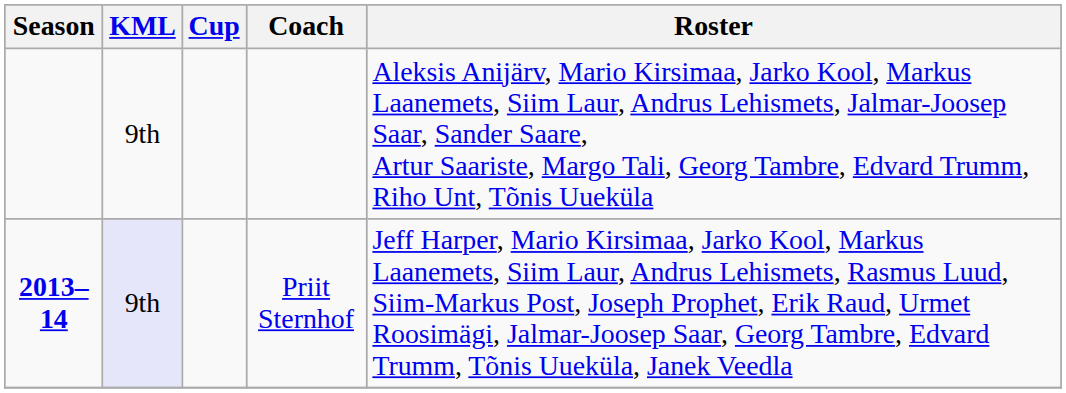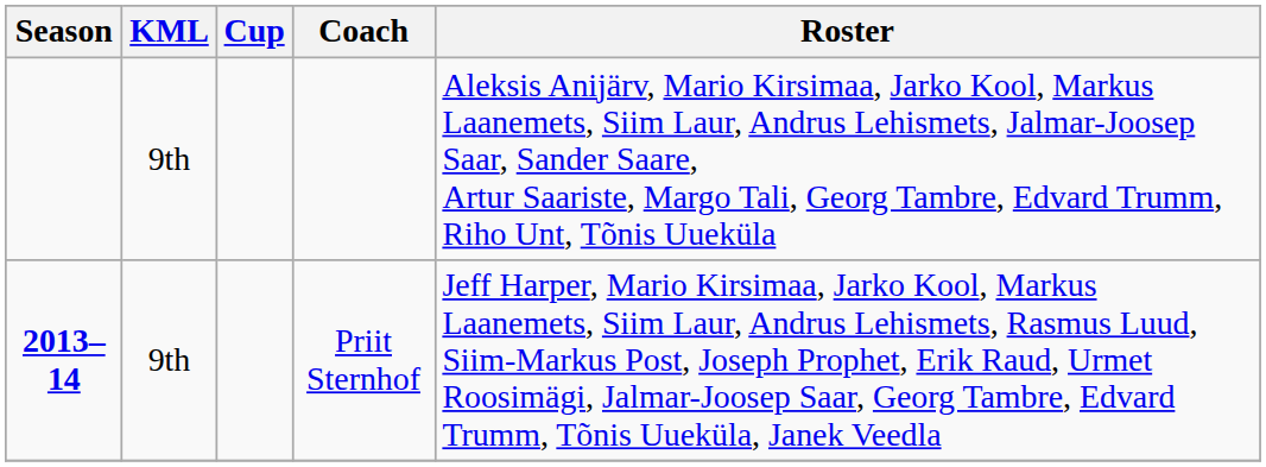 <table class="wikitable" style="text-align: center">
 <tr>
 <th>Season</th>
 <th><a href='#'>KML</a></th>
 <th><a href='#'>Cup</a></th>
 <th>Coach</th>
 <th>Roster</th>
 </tr>
 <tr>
 <td></td>
 <td>9th</td>
 <td></td>
 <td></td>
 <td align="left"><a href='#'>Aleksis Anijärv</a>, <a href='#'>Mario Kirsimaa</a>, <a href='#'>Jarko Kool</a>, <a href='#'>Markus Laanemets</a>, <a href='#'>Siim Laur</a>, <a href='#'>Andrus Lehismets</a>, <a href='#'>Jalmar-Joosep Saar</a>, <a href='#'>Sander Saare</a>,<br> <a href='#'>Artur Saariste</a>, <a href='#'>Margo Tali</a>, <a href='#'>Georg Tambre</a>, <a href='#'>Edvard Trumm</a>, <a href='#'>Riho Unt</a>, <a href='#'>Tõnis Uueküla</a></td>
 </tr>
 <tr>
 <td><strong><a href='#'>2013–14</a></strong></td>
-<td style="background: lavender;">9th</td>
+<td>9th</td>
 <td></td>
 <td><a href='#'>Priit Sternhof</a></td>
 <td align="left"><a href='#'>Jeff Harper</a>, <a href='#'>Mario Kirsimaa</a>, <a href='#'>Jarko Kool</a>, <a href='#'>Markus Laanemets</a>, <a href='#'>Siim Laur</a>, <a href='#'>Andrus Lehismets</a>, <a href='#'>Rasmus Luud</a>, <a href='#'>Siim-Markus Post</a>, <a href='#'>Joseph Prophet</a>, <a href='#'>Erik Raud</a>, <a href='#'>Urmet Roosimägi</a>, <a href='#'>Jalmar-Joosep Saar</a>, <a href='#'>Georg Tambre</a>, <a href='#'>Edvard Trumm</a>, <a href='#'>Tõnis Uueküla</a>, <a href='#'>Janek Veedla</a></td>
 </tr>
 <tr>
 </tr>
 </table>
